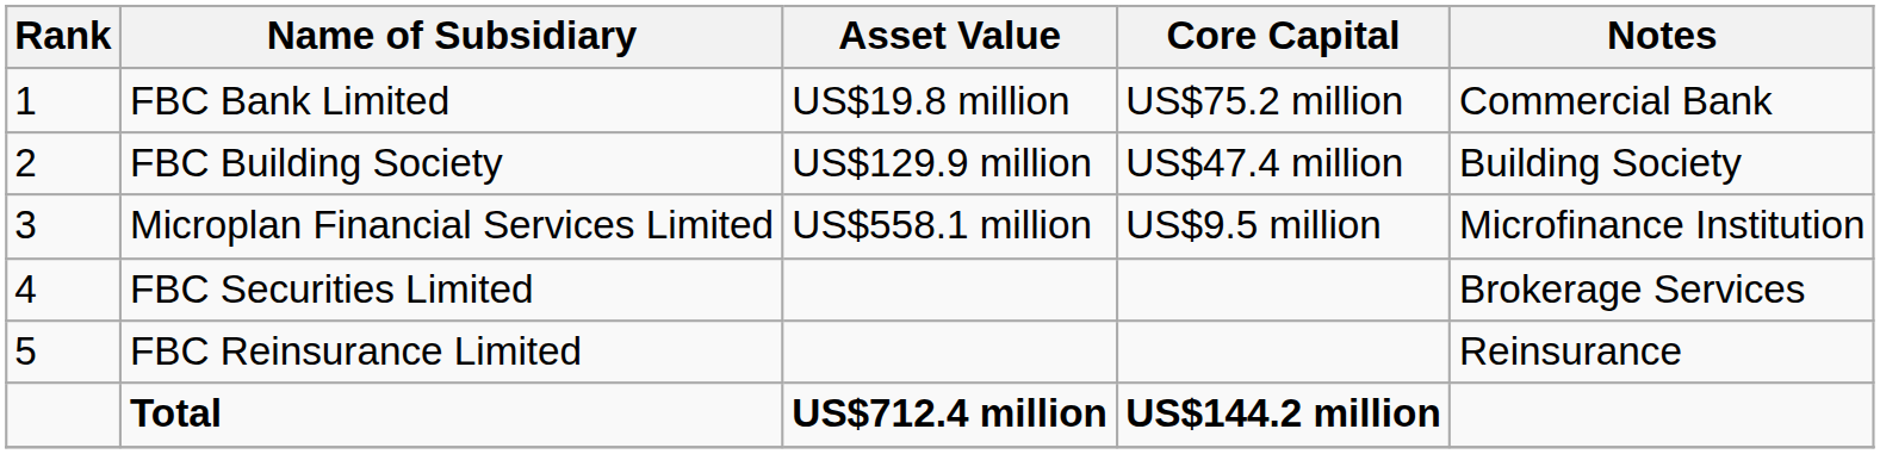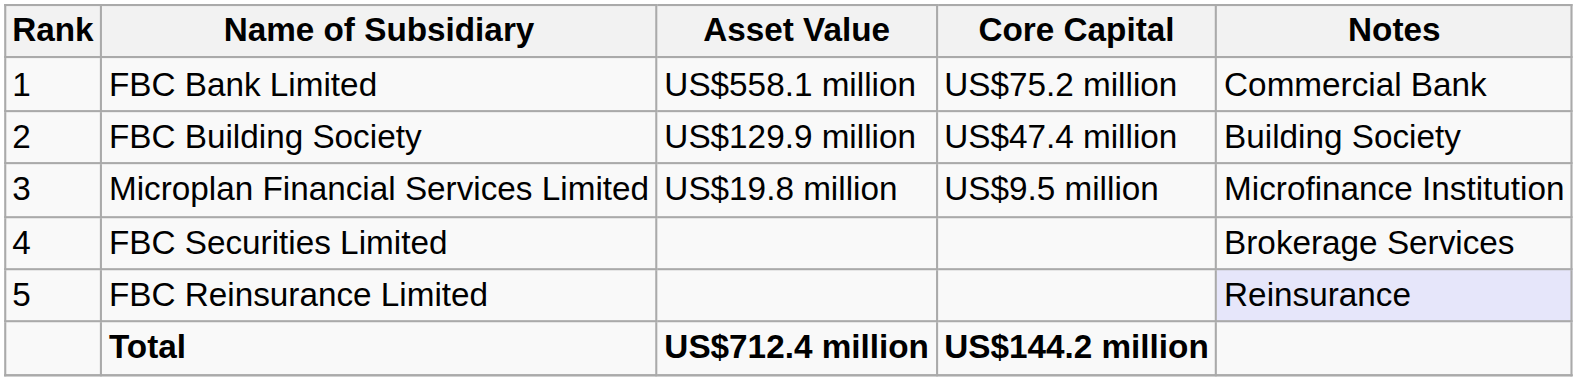 <table class="wikitable sortable" style="margin: 0.5em auto">
 <tr>
 <th>Rank</th>
 <th>Name of Subsidiary</th>
 <th>Asset Value</th>
 <th>Core Capital</th>
 <th>Notes</th>
 </tr>
 <tr>
 <td>1</td>
 <td>FBC Bank Limited</td>
-<td>US$19.8 million</td>
+<td>US$558.1 million</td>
 <td>US$75.2 million</td>
 <td>Commercial Bank</td>
 </tr>
 <tr>
 <td>2</td>
 <td>FBC Building Society</td>
 <td>US$129.9 million</td>
 <td>US$47.4 million</td>
 <td>Building Society</td>
 </tr>
 <tr>
 <td>3</td>
 <td>Microplan Financial Services Limited</td>
-<td>US$558.1 million</td>
+<td>US$19.8 million</td>
 <td>US$9.5 million</td>
 <td>Microfinance Institution</td>
 </tr>
 <tr>
 <td>4</td>
 <td>FBC Securities Limited</td>
 <td></td>
 <td></td>
 <td>Brokerage Services</td>
 </tr>
 <tr>
 <td>5</td>
 <td>FBC Reinsurance Limited</td>
 <td></td>
 <td></td>
-<td>Reinsurance</td>
+<td style="background: lavender;">Reinsurance</td>
 </tr>
 <tr>
 <td></td>
 <td><strong>Total</strong></td>
 <td><strong>US$712.4 million</strong></td>
 <td><strong>US$144.2 million</strong></td>
 <td></td>
 </tr>
 <tr>
 </tr>
 </table>
